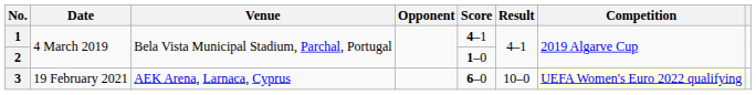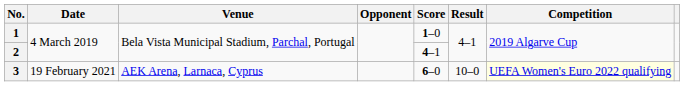 <table class="wikitable sortable plainrowheaders">
 <tr>
 <th scope=col>No.</th>
 <th scope=col data-sort-type=date>Date</th>
 <th scope=col>Venue</th>
 <th scope=col>Opponent</th>
 <th scope=col>Score</th>
 <th scope=col>Result</th>
 <th scope=col>Competition</th>
 <th scope=col class=unsortable></th>
 </tr>
 <tr>
 <th scope=row style="text-align: center">1</th>
 <td rowspan=2>4 March 2019</td>
 <td rowspan=2>Bela Vista Municipal Stadium, <a href='#'>Parchal</a>, Portugal</td>
 <td rowspan=2></td>
-<td align=center><strong>4</strong>–1</td>
+<td align=center><strong>1</strong>–0</td>
 <td rowspan=2 align=center>4–1</td>
 <td rowspan=2><a href='#'>2019 Algarve Cup</a></td>
 <td rowspan=2 align=center></td>
 </tr>
 <tr>
 <th scope=row style=text-align:center>2</th>
-<td align=center><strong>1</strong>–0</td>
+<td align=center><strong>4</strong>–1</td>
 </tr>
 <tr>
 <th scope=row style="text-align: center">3</th>
 <td>19 February 2021</td>
 <td><a href='#'>AEK Arena</a>, <a href='#'>Larnaca</a>, <a href='#'>Cyprus</a></td>
 <td></td>
 <td align=center><strong>6</strong>–0</td>
 <td align=center>10–0</td>
 <td style="background: lightyellow;"><a href='#'>UEFA Women's Euro 2022 qualifying</a></td>
 <td></td>
 </tr>
 </table>
